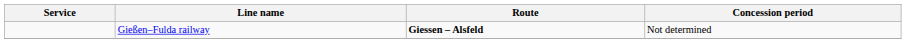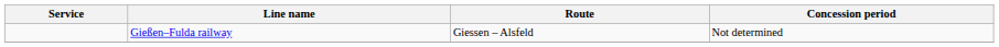 <table class="wikitable" style="font-size:91%; width:100%;">
 <tr>
 <th>Service</th>
 <th>Line name</th>
 <th>Route</th>
 <th>Concession period</th>
 </tr>
 <tr>
 <td style="font-size:111%;"></td>
 <td><a href='#'>Gießen–Fulda railway</a></td>
-<td><strong>Giessen – Alsfeld</strong></td>
+<td>Giessen – Alsfeld</td>
 <td>Not determined</td>
 </tr>
 <tr>
 </tr>
 </table>
